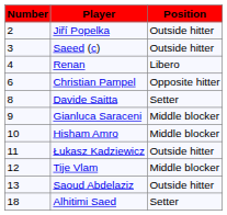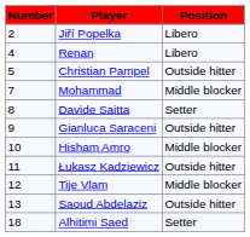 <table bgcolor="#f7f8ff" cellpadding="3" cellspacing="0" border="1" style="font-size: 95%; border: gray solid 1px; border-collapse: collapse;">
 <tr bgcolor="#ff0000">
 <td align=center><strong>Number</strong></td>
 <td align=center><strong>Player</strong></td>
 <td align=center><strong>Position</strong></td>
 </tr>
 <tr align="left">
 <td>2</td>
 <td> <a href='#'>Jiří Popelka</a></td>
-<td>Outside hitter</td>
-</tr>
-<tr align=left>
-<td>3</td>
-<td> <a href='#'>Saeed</a> (<a href='#'>c</a>)</td>
-<td>Outside hitter</td>
+<td>Libero</td>
 </tr>
 <tr align="left">
 <td>4</td>
 <td> <a href='#'>Renan</a></td>
 <td>Libero</td>
 </tr>
 <tr align="left">
-<td>6</td>
+<td>5</td>
 <td> <a href='#'>Christian Pampel</a></td>
-<td>Opposite hitter</td>
+<td>Outside hitter</td>
+</tr>
+<tr align="left">
+<td>7</td>
+<td> <a href='#'>Mohammad</a></td>
+<td>Middle blocker</td>
 </tr>
 <tr align="left">
 <td>8</td>
 <td> <a href='#'>Davide Saitta</a></td>
 <td>Setter</td>
 </tr>
 <tr align="left">
 <td>9</td>
 <td> <a href='#'>Gianluca Saraceni</a></td>
-<td>Middle blocker</td>
+<td>Outside hitter</td>
 </tr>
 <tr align="left">
 <td>10</td>
 <td> <a href='#'>Hisham Amro</a></td>
 <td>Middle blocker</td>
 </tr>
 <tr align="left">
 <td>11</td>
 <td> <a href='#'>Łukasz Kadziewicz</a></td>
 <td>Outside hitter</td>
 </tr>
 <tr align="left">
 <td>12</td>
 <td> <a href='#'>Tije Vlam</a></td>
 <td>Middle blocker</td>
 </tr>
 <tr align="left">
 <td>13</td>
 <td> <a href='#'>Saoud Abdelaziz</a></td>
 <td>Outside hitter</td>
 </tr>
 <tr align="left">
 <td>18</td>
 <td> <a href='#'>Alhitimi Saed</a></td>
 <td>Setter</td>
 </tr>
 </table>
